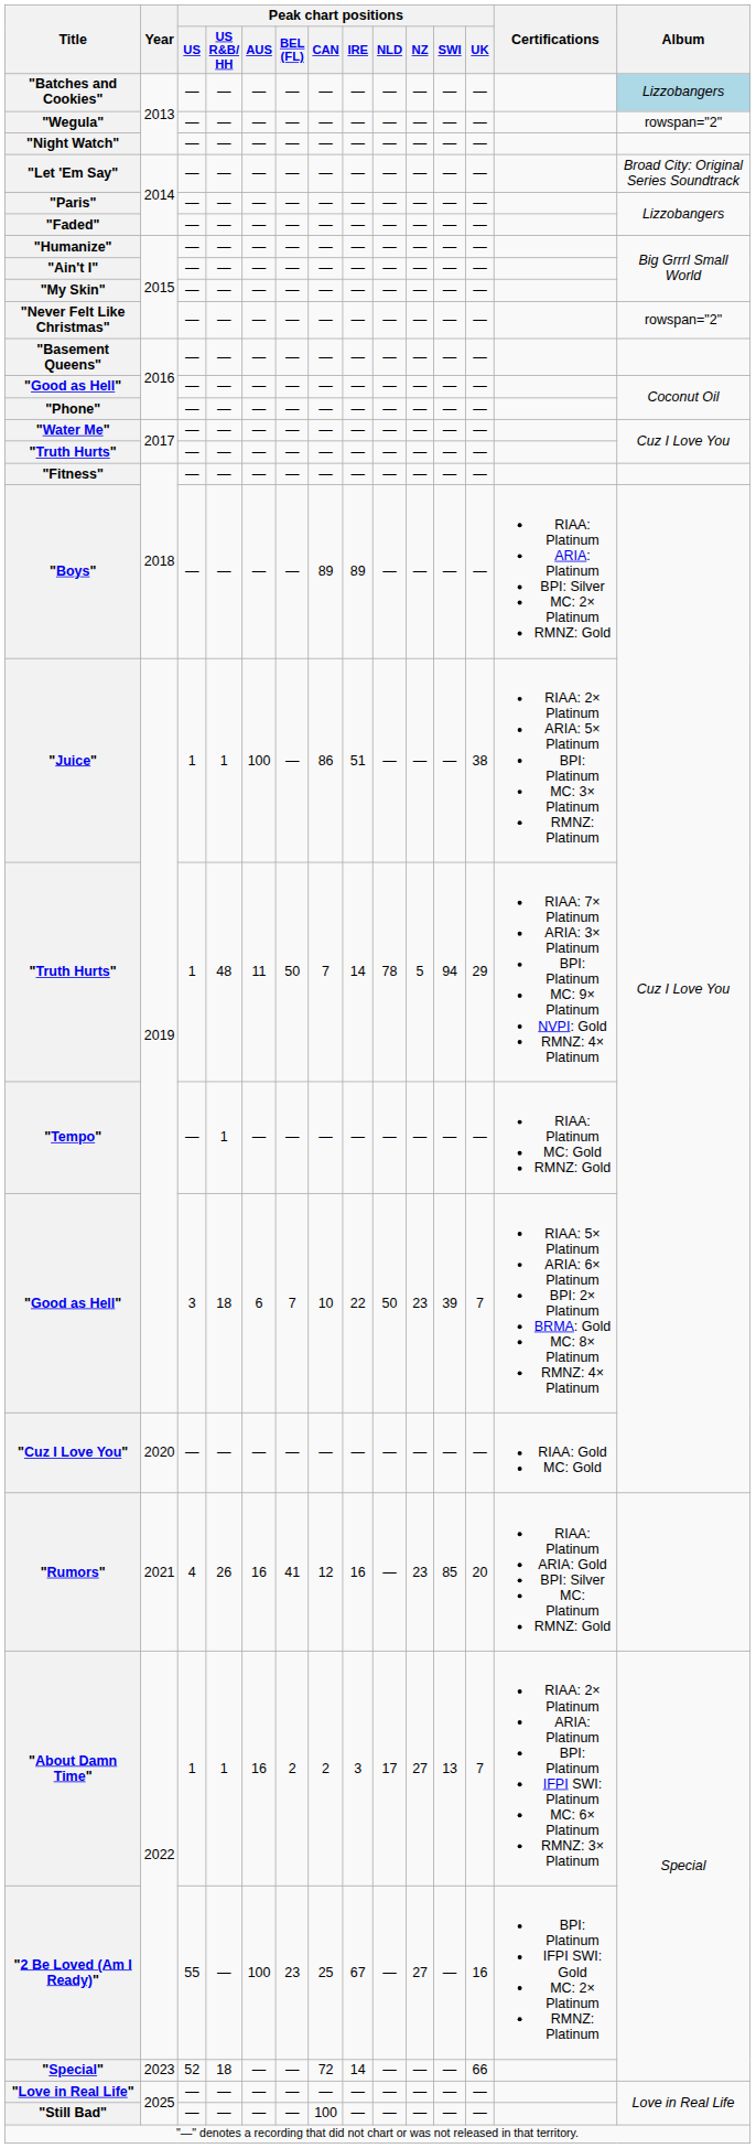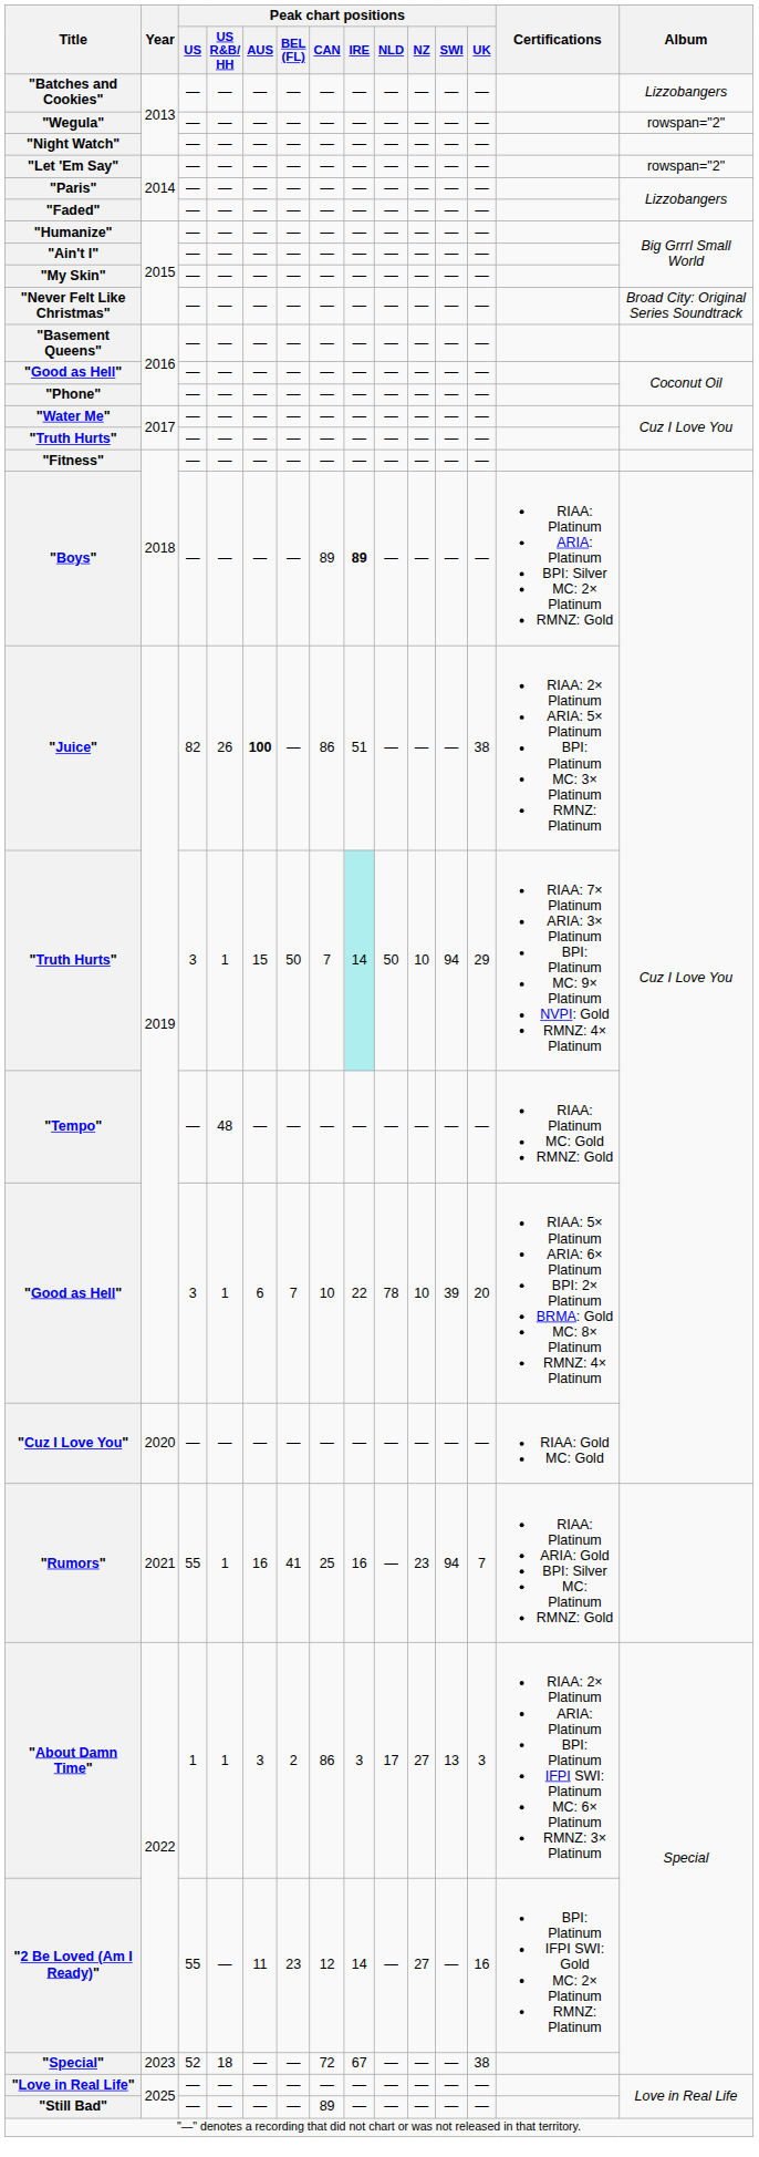 <table class="wikitable plainrowheaders" style="text-align:center;">
 <tr>
 <th scope="col" rowspan="2" style="width:16em;">Title</th>
 <th scope="col" rowspan="2" style="width:1em;">Year</th>
 <th scope="col" colspan="10">Peak chart positions</th>
 <th scope="col" rowspan="2" style="width:12em;">Certifications</th>
 <th scope="col" rowspan="2" style="width:15em;">Album</th>
 </tr>
 <tr>
 <th scope="col" style="width:2.5em;font-size:90%;"><a href='#'>US</a><br></th>
 <th scope="col" style="width:2.5em;font-size:90%;"><a href='#'>US<br>R&B/<br>HH</a><br></th>
 <th scope="col" style="width:2.5em;font-size:90%;"><a href='#'>AUS</a><br></th>
 <th scope="col" style="width:2.5em;font-size:90%;"><a href='#'>BEL<br>(FL)</a><br></th>
 <th scope="col" style="width:2.5em;font-size:90%;"><a href='#'>CAN</a><br></th>
 <th scope="col" style="width:2.5em;font-size:90%;"><a href='#'>IRE</a><br></th>
 <th scope="col" style="width:2.5em;font-size:90%;"><a href='#'>NLD</a><br></th>
 <th scope="col" style="width:2.5em;font-size:90%;"><a href='#'>NZ</a><br></th>
 <th scope="col" style="width:2.5em;font-size:90%;"><a href='#'>SWI</a><br></th>
 <th scope="col" style="width:2.5em;font-size:90%;"><a href='#'>UK</a><br></th>
 </tr>
 <tr>
 <th scope="row">"Batches and Cookies"<br></th>
 <td rowspan="3">2013</td>
 <td>—</td>
 <td>—</td>
 <td>—</td>
 <td>—</td>
 <td>—</td>
 <td>—</td>
 <td>—</td>
 <td>—</td>
 <td>—</td>
 <td>—</td>
 <td></td>
-<td style="background: lightblue;"><em>Lizzobangers</em></td>
+<td><em>Lizzobangers</em></td>
 </tr>
 <tr>
 <th scope="row">"Wegula"<br></th>
 <td>—</td>
 <td>—</td>
 <td>—</td>
 <td>—</td>
 <td>—</td>
 <td>—</td>
 <td>—</td>
 <td>—</td>
 <td>—</td>
 <td>—</td>
 <td></td>
 <td>rowspan="2" </td>
 </tr>
 <tr>
 <th scope="row">"Night Watch"<br></th>
 <td>—</td>
 <td>—</td>
 <td>—</td>
 <td>—</td>
 <td>—</td>
 <td>—</td>
 <td>—</td>
 <td>—</td>
 <td>—</td>
 <td>—</td>
 <td></td>
 </tr>
 <tr>
 <th scope="row">"Let 'Em Say"<br></th>
 <td rowspan="3">2014</td>
 <td>—</td>
 <td>—</td>
 <td>—</td>
 <td>—</td>
 <td>—</td>
 <td>—</td>
 <td>—</td>
 <td>—</td>
 <td>—</td>
 <td>—</td>
 <td></td>
-<td><em>Broad City: Original Series Soundtrack</em></td>
+<td>rowspan="2" </td>
 </tr>
 <tr>
 <th scope="row">"Paris"</th>
 <td>—</td>
 <td>—</td>
 <td>—</td>
 <td>—</td>
 <td>—</td>
 <td>—</td>
 <td>—</td>
 <td>—</td>
 <td>—</td>
 <td>—</td>
 <td></td>
 <td rowspan="2"><em>Lizzobangers</em></td>
 </tr>
 <tr>
 <th scope="row">"Faded"</th>
 <td>—</td>
 <td>—</td>
 <td>—</td>
 <td>—</td>
 <td>—</td>
 <td>—</td>
 <td>—</td>
 <td>—</td>
 <td>—</td>
 <td>—</td>
 <td></td>
 </tr>
 <tr>
 <th scope="row">"Humanize"</th>
 <td rowspan="4">2015</td>
 <td>—</td>
 <td>—</td>
 <td>—</td>
 <td>—</td>
 <td>—</td>
 <td>—</td>
 <td>—</td>
 <td>—</td>
 <td>—</td>
 <td>—</td>
 <td></td>
 <td rowspan="3"><em>Big Grrrl Small World</em></td>
 </tr>
 <tr>
 <th scope="row">"Ain't I"</th>
 <td>—</td>
 <td>—</td>
 <td>—</td>
 <td>—</td>
 <td>—</td>
 <td>—</td>
 <td>—</td>
 <td>—</td>
 <td>—</td>
 <td>—</td>
 <td></td>
 </tr>
 <tr>
 <th scope="row">"My Skin"</th>
 <td>—</td>
 <td>—</td>
 <td>—</td>
 <td>—</td>
 <td>—</td>
 <td>—</td>
 <td>—</td>
 <td>—</td>
 <td>—</td>
 <td>—</td>
 <td></td>
 </tr>
 <tr>
 <th scope="row">"Never Felt Like Christmas"</th>
 <td>—</td>
 <td>—</td>
 <td>—</td>
 <td>—</td>
 <td>—</td>
 <td>—</td>
 <td>—</td>
 <td>—</td>
 <td>—</td>
 <td>—</td>
 <td></td>
-<td>rowspan="2" </td>
+<td><em>Broad City: Original Series Soundtrack</em></td>
 </tr>
 <tr>
 <th scope="row">"Basement Queens"<br></th>
 <td rowspan="3">2016</td>
 <td>—</td>
 <td>—</td>
 <td>—</td>
 <td>—</td>
 <td>—</td>
 <td>—</td>
 <td>—</td>
 <td>—</td>
 <td>—</td>
 <td>—</td>
 <td></td>
 </tr>
 <tr>
 <th scope="row">"<a href='#'>Good as Hell</a>"<br></th>
 <td>—</td>
 <td>—</td>
 <td>—</td>
 <td>—</td>
 <td>—</td>
 <td>—</td>
 <td>—</td>
 <td>—</td>
 <td>—</td>
 <td>—</td>
 <td></td>
 <td rowspan="2"><em>Coconut Oil</em></td>
 </tr>
 <tr>
 <th scope="row">"Phone"</th>
 <td>—</td>
 <td>—</td>
 <td>—</td>
 <td>—</td>
 <td>—</td>
 <td>—</td>
 <td>—</td>
 <td>—</td>
 <td>—</td>
 <td>—</td>
 <td></td>
 </tr>
 <tr>
 <th scope="row">"<a href='#'>Water Me</a>"</th>
 <td rowspan="2">2017</td>
 <td>—</td>
 <td>—</td>
 <td>—</td>
 <td>—</td>
 <td>—</td>
 <td>—</td>
 <td>—</td>
 <td>—</td>
 <td>—</td>
 <td>—</td>
 <td></td>
 <td rowspan="2"><em>Cuz I Love You</em></td>
 </tr>
 <tr>
 <th scope="row">"<a href='#'>Truth Hurts</a>"<br></th>
 <td>—</td>
 <td>—</td>
 <td>—</td>
 <td>—</td>
 <td>—</td>
 <td>—</td>
 <td>—</td>
 <td>—</td>
 <td>—</td>
 <td>—</td>
 <td></td>
 </tr>
 <tr>
 <th scope="row">"Fitness"</th>
 <td rowspan="2">2018</td>
 <td>—</td>
 <td>—</td>
 <td>—</td>
 <td>—</td>
 <td>—</td>
 <td>—</td>
 <td>—</td>
 <td>—</td>
 <td>—</td>
 <td>—</td>
 <td></td>
 <td></td>
 </tr>
 <tr>
 <th scope="row">"<a href='#'>Boys</a>"</th>
 <td>—</td>
 <td>—</td>
 <td>—</td>
 <td>—</td>
 <td>89</td>
-<td>89</td>
+<td><strong>89</strong></td>
 <td>—</td>
 <td>—</td>
 <td>—</td>
 <td>—</td>
 <td><br><ul><li>RIAA: Platinum</li><li><a href='#'>ARIA</a>: Platinum</li><li>BPI: Silver</li><li>MC: 2× Platinum</li><li>RMNZ: Gold</li></ul></td>
 <td rowspan="6"><em>Cuz I Love You</em></td>
 </tr>
 <tr>
 <th scope="row">"<a href='#'>Juice</a>"</th>
 <td rowspan="4">2019</td>
-<td>1</td>
-<td>1</td>
-<td>100</td>
+<td>82</td>
+<td>26</td>
+<td><strong>100</strong></td>
 <td>—</td>
 <td>86</td>
 <td>51</td>
 <td>—</td>
 <td>—</td>
 <td>—</td>
 <td>38</td>
 <td><br><ul><li>RIAA: 2× Platinum</li><li>ARIA: 5× Platinum</li><li>BPI: Platinum</li><li>MC: 3× Platinum</li><li>RMNZ: Platinum</li></ul></td>
 </tr>
 <tr>
 <th scope="row">"<a href='#'>Truth Hurts</a>"<br></th>
+<td>3</td>
 <td>1</td>
-<td>48</td>
-<td>11</td>
+<td>15</td>
 <td>50</td>
 <td>7</td>
-<td>14</td>
-<td>78</td>
-<td>5</td>
+<td style="background: paleturquoise;">14</td>
+<td>50</td>
+<td>10</td>
 <td>94</td>
 <td>29</td>
 <td><br><ul><li>RIAA: 7× Platinum</li><li>ARIA: 3× Platinum</li><li>BPI: Platinum</li><li>MC: 9× Platinum</li><li><a href='#'>NVPI</a>: Gold</li><li>RMNZ: 4× Platinum</li></ul></td>
 </tr>
 <tr>
 <th scope="row">"<a href='#'>Tempo</a>"<br></th>
 <td>—</td>
-<td>1</td>
+<td>48</td>
 <td>—</td>
 <td>—</td>
 <td>—</td>
 <td>—</td>
 <td>—</td>
 <td>—</td>
 <td>—</td>
 <td>—</td>
 <td><br><ul><li>RIAA: Platinum</li><li>MC: Gold</li><li>RMNZ: Gold</li></ul></td>
 </tr>
 <tr>
 <th scope="row">"<a href='#'>Good as Hell</a>"<br></th>
 <td>3</td>
-<td>18</td>
+<td>1</td>
 <td>6</td>
 <td>7</td>
 <td>10</td>
 <td>22</td>
-<td>50</td>
-<td>23</td>
+<td>78</td>
+<td>10</td>
 <td>39</td>
-<td>7</td>
+<td>20</td>
 <td><br><ul><li>RIAA: 5× Platinum</li><li>ARIA: 6× Platinum</li><li>BPI: 2× Platinum</li><li><a href='#'>BRMA</a>: Gold</li><li>MC: 8× Platinum</li><li>RMNZ: 4× Platinum</li></ul></td>
 </tr>
 <tr>
 <th scope="row">"<a href='#'>Cuz I Love You</a>"</th>
 <td>2020</td>
 <td>—</td>
 <td>—</td>
 <td>—</td>
 <td>—</td>
 <td>—</td>
 <td>—</td>
 <td>—</td>
 <td>—</td>
 <td>—</td>
 <td>—</td>
 <td><br><ul><li>RIAA: Gold</li><li>MC: Gold</li></ul></td>
 </tr>
 <tr>
 <th scope="row">"<a href='#'>Rumors</a>"<br></th>
 <td>2021</td>
-<td>4</td>
-<td>26</td>
+<td>55</td>
+<td>1</td>
 <td>16</td>
 <td>41</td>
-<td>12</td>
+<td>25</td>
 <td>16</td>
 <td>—</td>
 <td>23</td>
-<td>85</td>
-<td>20</td>
+<td>94</td>
+<td>7</td>
 <td><br><ul><li>RIAA: Platinum</li><li>ARIA: Gold</li><li>BPI: Silver</li><li>MC: Platinum</li><li>RMNZ: Gold</li></ul></td>
 <td></td>
 </tr>
 <tr>
 <th scope="row">"<a href='#'>About Damn Time</a>"</th>
 <td rowspan="2">2022</td>
 <td>1</td>
 <td>1</td>
-<td>16</td>
+<td>3</td>
 <td>2</td>
-<td>2</td>
+<td>86</td>
 <td>3</td>
 <td>17</td>
 <td>27</td>
 <td>13</td>
-<td>7</td>
+<td>3</td>
 <td><br><ul><li>RIAA: 2× Platinum</li><li>ARIA: Platinum</li><li>BPI: Platinum</li><li><a href='#'>IFPI</a> SWI: Platinum</li><li>MC: 6× Platinum</li><li>RMNZ: 3× Platinum</li></ul></td>
 <td rowspan="3"><em>Special</em></td>
 </tr>
 <tr>
 <th scope="row">"<a href='#'>2 Be Loved (Am I Ready)</a>"</th>
 <td>55</td>
 <td>—</td>
-<td>100</td>
+<td>11</td>
 <td>23</td>
-<td>25</td>
-<td>67</td>
+<td>12</td>
+<td>14</td>
 <td>—</td>
 <td>27</td>
 <td>—</td>
 <td>16</td>
 <td><br><ul><li>BPI: Platinum</li><li>IFPI SWI: Gold</li><li>MC: 2× Platinum</li><li>RMNZ: Platinum</li></ul></td>
 </tr>
 <tr>
 <th scope="row">"<a href='#'>Special</a>"<br></th>
 <td>2023</td>
 <td>52</td>
 <td>18</td>
 <td>—</td>
 <td>—</td>
 <td>72</td>
-<td>14</td>
+<td>67</td>
 <td>—</td>
 <td>—</td>
 <td>—</td>
-<td>66</td>
+<td>38</td>
 <td></td>
 </tr>
 <tr>
 <th scope="row">"<a href='#'>Love in Real Life</a>"</th>
 <td rowspan="2">2025</td>
 <td>—</td>
 <td>—</td>
 <td>—</td>
 <td>—</td>
 <td>—</td>
 <td>—</td>
 <td>—</td>
 <td>—</td>
 <td>—</td>
 <td>—</td>
 <td></td>
 <td rowspan="2"><em>Love in Real Life</em></td>
 </tr>
 <tr>
 <th scope="row">"Still Bad"</th>
 <td>—</td>
 <td>—</td>
 <td>—</td>
 <td>—</td>
-<td>100</td>
+<td>89</td>
 <td>—</td>
 <td>—</td>
 <td>—</td>
 <td>—</td>
 <td>—</td>
 <td></td>
 </tr>
 <tr>
 <td colspan="14" style="font-size:85%">"—" denotes a recording that did not chart or was not released in that territory.</td>
 </tr>
 </table>
